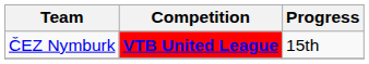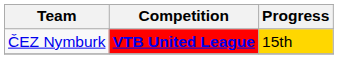 <table class="wikitable sortable">
 <tr>
 <th>Team</th>
 <th>Competition</th>
 <th>Progress</th>
 </tr>
 <tr>
 <td><a href='#'>ČEZ Nymburk</a></td>
 <td rowspan="1" style="background-color:red;color:white;text-align:center"><strong><span><a href='#'>VTB United League</a></span></strong></td>
-<td>15th</td>
+<td style="background: gold;">15th</td>
 </tr>
 <tr>
 </tr>
 </table>
